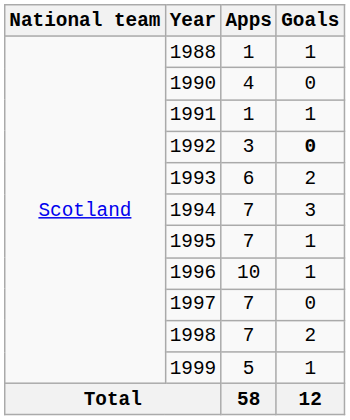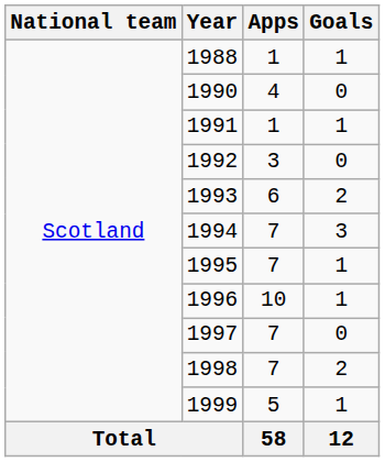 <table class="wikitable" style="text-align:center">
 <tr>
 <th>National team</th>
 <th>Year</th>
 <th>Apps</th>
 <th>Goals</th>
 </tr>
 <tr>
 <td rowspan="11"><a href='#'>Scotland</a></td>
 <td>1988</td>
 <td>1</td>
 <td>1</td>
 </tr>
 <tr>
 <td>1990</td>
 <td>4</td>
 <td>0</td>
 </tr>
 <tr>
 <td>1991</td>
 <td>1</td>
 <td>1</td>
 </tr>
 <tr>
 <td>1992</td>
 <td>3</td>
-<td><strong>0</strong></td>
+<td>0</td>
 </tr>
 <tr>
 <td>1993</td>
 <td>6</td>
 <td>2</td>
 </tr>
 <tr>
 <td>1994</td>
 <td>7</td>
 <td>3</td>
 </tr>
 <tr>
 <td>1995</td>
 <td>7</td>
 <td>1</td>
 </tr>
 <tr>
 <td>1996</td>
 <td>10</td>
 <td>1</td>
 </tr>
 <tr>
 <td>1997</td>
 <td>7</td>
 <td>0</td>
 </tr>
 <tr>
 <td>1998</td>
 <td>7</td>
 <td>2</td>
 </tr>
 <tr>
 <td>1999</td>
 <td>5</td>
 <td>1</td>
 </tr>
 <tr>
 <th colspan="2">Total</th>
 <th>58</th>
 <th>12</th>
 </tr>
 </table>
